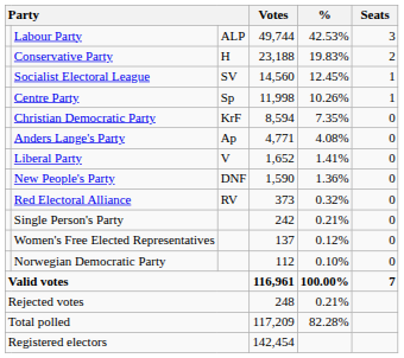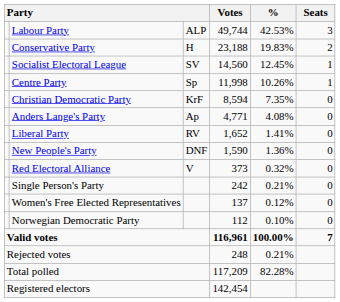 <table class="wikitable" border="1" style="text-align:right;">
 <tr>
 <th style="text-align:left;" colspan=3>Party</th>
 <th align=center width="50">Votes</th>
 <th align=center width="50">%</th>
 <th align=center width="50">Seats</th>
 </tr>
 <tr>
 <td style="color:inherit;background:"></td>
 <td align=left><a href='#'>Labour Party</a></td>
 <td align=left>ALP</td>
 <td>49,744</td>
 <td>42.53%</td>
 <td>3</td>
 </tr>
 <tr>
 <td style="color:inherit;background:"></td>
 <td align=left><a href='#'>Conservative Party</a></td>
 <td align=left>H</td>
 <td>23,188</td>
 <td>19.83%</td>
 <td>2</td>
 </tr>
 <tr>
 <td style="color:inherit;background:"></td>
 <td align=left><a href='#'>Socialist Electoral League</a></td>
 <td align=left>SV</td>
 <td>14,560</td>
 <td>12.45%</td>
 <td>1</td>
 </tr>
 <tr>
 <td style="color:inherit;background:"></td>
 <td align=left><a href='#'>Centre Party</a></td>
 <td align=left>Sp</td>
 <td>11,998</td>
 <td>10.26%</td>
 <td>1</td>
 </tr>
 <tr>
 <td style="color:inherit;background:"></td>
 <td align=left><a href='#'>Christian Democratic Party</a></td>
 <td align=left>KrF</td>
 <td>8,594</td>
 <td>7.35%</td>
 <td>0</td>
 </tr>
 <tr>
 <td style="color:inherit;background:"></td>
 <td align=left><a href='#'>Anders Lange's Party</a></td>
 <td align=left>Ap</td>
 <td>4,771</td>
 <td>4.08%</td>
 <td>0</td>
 </tr>
 <tr>
 <td style="color:inherit;background:"></td>
 <td align=left><a href='#'>Liberal Party</a></td>
-<td align=left>V</td>
+<td align=left>RV</td>
 <td>1,652</td>
 <td>1.41%</td>
 <td>0</td>
 </tr>
 <tr>
 <td style="color:inherit;background:"></td>
 <td align=left><a href='#'>New People's Party</a></td>
 <td align=left>DNF</td>
 <td>1,590</td>
 <td>1.36%</td>
 <td>0</td>
 </tr>
 <tr>
 <td style="color:inherit;background:"></td>
 <td align=left><a href='#'>Red Electoral Alliance</a></td>
-<td align=left>RV</td>
+<td align=left>V</td>
 <td>373</td>
 <td>0.32%</td>
 <td>0</td>
 </tr>
 <tr>
 <td></td>
 <td align=left>Single Person's Party</td>
 <td align=left></td>
 <td>242</td>
 <td>0.21%</td>
 <td>0</td>
 </tr>
 <tr>
 <td></td>
 <td align=left>Women's Free Elected Representatives</td>
 <td align=left></td>
 <td>137</td>
 <td>0.12%</td>
 <td>0</td>
 </tr>
 <tr>
 <td></td>
 <td align=left>Norwegian Democratic Party</td>
 <td align=left></td>
 <td>112</td>
 <td>0.10%</td>
 <td>0</td>
 </tr>
 <tr style="font-weight:bold">
 <td align=left colspan=3>Valid votes</td>
 <td>116,961</td>
 <td>100.00%</td>
 <td>7</td>
 </tr>
 <tr>
 <td align=left colspan=3>Rejected votes</td>
 <td>248</td>
 <td>0.21%</td>
 <td></td>
 </tr>
 <tr>
 <td align=left colspan=3>Total polled</td>
 <td>117,209</td>
 <td>82.28%</td>
 <td></td>
 </tr>
 <tr>
 <td align=left colspan=3>Registered electors</td>
 <td>142,454</td>
 <td></td>
 <td></td>
 </tr>
 </table>
